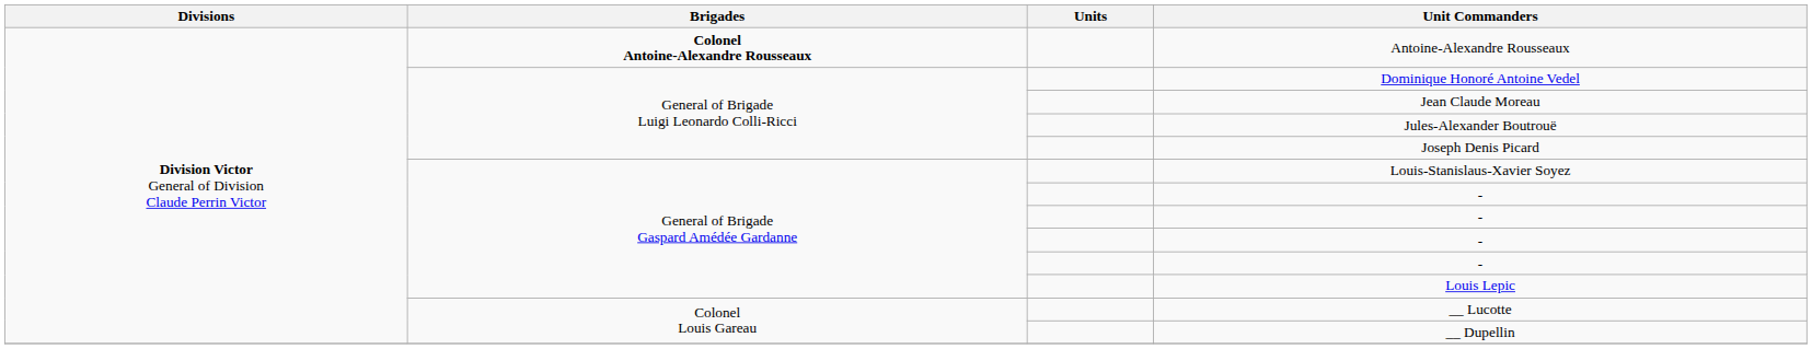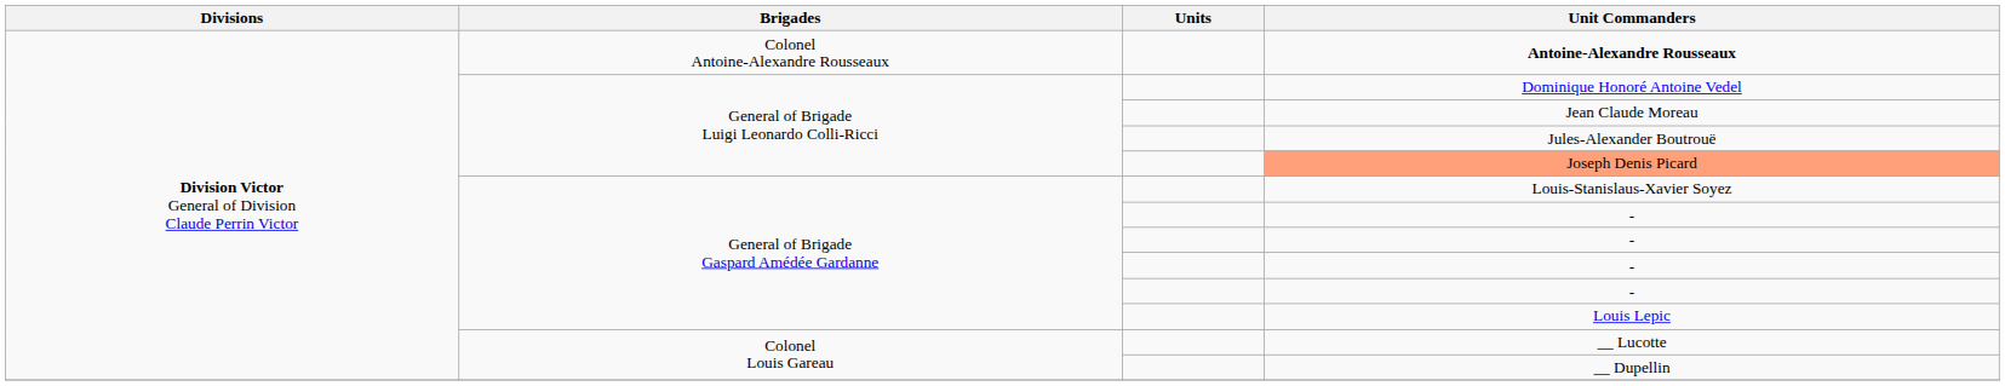 <table class="wikitable" style="text-align:center; width:100%;">
 <tr>
 <th>Divisions</th>
 <th>Brigades</th>
 <th>Units</th>
 <th>Unit Commanders</th>
 </tr>
 <tr>
 <td ROWSPAN=13><strong>Division Victor</strong><br>General of Division<br><a href='#'>Claude Perrin Victor</a></td>
-<td ROWSPAN=1><strong>Colonel<br>Antoine-Alexandre Rousseaux</strong></td>
+<td ROWSPAN=1>Colonel<br>Antoine-Alexandre Rousseaux</td>
 <td> </td>
-<td>Antoine-Alexandre Rousseaux</td>
+<td><strong>Antoine-Alexandre Rousseaux</strong></td>
 </tr>
 <tr>
 <td ROWSPAN=4>General of Brigade<br>Luigi Leonardo Colli-Ricci</td>
 <td> </td>
 <td><a href='#'>Dominique Honoré Antoine Vedel</a></td>
 </tr>
 <tr>
 <td> </td>
 <td>Jean Claude Moreau</td>
 </tr>
 <tr>
 <td> </td>
 <td>Jules-Alexander Boutrouë</td>
 </tr>
 <tr>
 <td> </td>
-<td>Joseph Denis Picard</td>
+<td style="background: lightsalmon;">Joseph Denis Picard</td>
 </tr>
 <tr>
 <td ROWSPAN=6>General of Brigade<br><a href='#'>Gaspard Amédée Gardanne</a></td>
 <td> </td>
 <td>Louis-Stanislaus-Xavier Soyez</td>
 </tr>
 <tr>
 <td> </td>
 <td>-</td>
 </tr>
 <tr>
 <td> </td>
 <td>-</td>
 </tr>
 <tr>
 <td> </td>
 <td>-</td>
 </tr>
 <tr>
 <td> </td>
 <td>-</td>
 </tr>
 <tr>
 <td> </td>
 <td><a href='#'>Louis Lepic</a></td>
 </tr>
 <tr>
 <td ROWSPAN=2>Colonel<br>Louis Gareau</td>
 <td> </td>
 <td>__ Lucotte</td>
 </tr>
 <tr>
 <td> </td>
 <td>__ Dupellin</td>
 </tr>
 <tr>
 </tr>
 </table>
